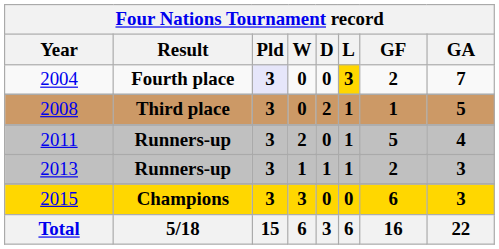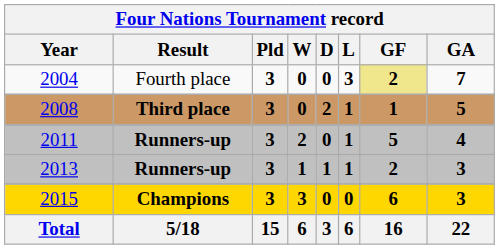 <table class="wikitable" style="text-align:center; ">
 <tr>
 <th colspan="8"> <strong><a href='#'>Four Nations Tournament</a> record</strong></th>
 </tr>
 <tr>
 <th width="85">Year</th>
 <th width="110">Result</th>
 <th>Pld</th>
 <th>W</th>
 <th>D</th>
 <th>L</th>
 <th width="50">GF</th>
 <th width="50">GA</th>
 </tr>
 <tr>
 <td><a href='#'>2004</a></td>
-<td><strong>Fourth place</strong></td>
-<td style="background: lavender;"><strong>3</strong></td>
+<td>Fourth place</td>
+<td><strong>3</strong></td>
 <td><strong>0</strong></td>
 <td><strong>0</strong></td>
-<td style="background: gold;"><strong>3</strong></td>
-<td><strong>2</strong></td>
+<td><strong>3</strong></td>
+<td style="background: khaki;"><strong>2</strong></td>
 <td><strong>7</strong></td>
 </tr>
 <tr>
 </tr>
 <tr style="background:#c96;">
 <td><a href='#'>2008</a></td>
 <td><strong>Third place</strong></td>
 <td><strong>3</strong></td>
 <td><strong>0</strong></td>
 <td><strong>2</strong></td>
 <td><strong>1</strong></td>
 <td><strong>1</strong></td>
 <td><strong>5</strong></td>
 </tr>
 <tr>
 </tr>
 <tr style="background:silver;">
 <td><a href='#'>2011</a></td>
 <td><strong>Runners-up</strong></td>
 <td><strong>3</strong></td>
 <td><strong>2</strong></td>
 <td><strong>0</strong></td>
 <td><strong>1</strong></td>
 <td><strong>5</strong></td>
 <td><strong>4</strong></td>
 </tr>
 <tr>
 </tr>
 <tr style="background:silver;">
 <td><a href='#'>2013</a></td>
 <td><strong>Runners-up</strong></td>
 <td><strong>3</strong></td>
 <td><strong>1</strong></td>
 <td><strong>1</strong></td>
 <td><strong>1</strong></td>
 <td><strong>2</strong></td>
 <td><strong>3</strong></td>
 </tr>
 <tr>
 </tr>
 <tr style="background:gold;">
 <td><a href='#'>2015</a></td>
 <td><strong>Champions</strong></td>
 <td><strong>3</strong></td>
 <td><strong>3</strong></td>
 <td><strong>0</strong></td>
 <td><strong>0</strong></td>
 <td><strong>6</strong></td>
 <td><strong>3</strong></td>
 </tr>
 <tr class="sortbottom" style="font-weight:bold;">
 <th><a href='#'>Total</a></th>
 <th>5/18</th>
 <th>15</th>
 <th>6</th>
 <th>3</th>
 <th>6</th>
 <th>16</th>
 <th>22</th>
 </tr>
 </table>
